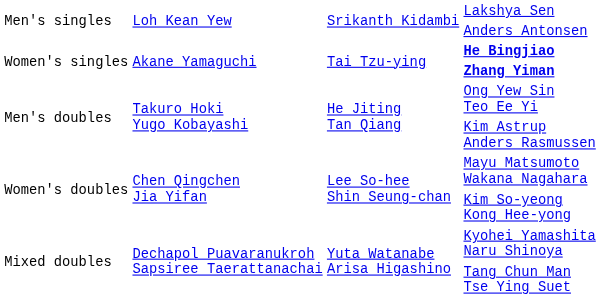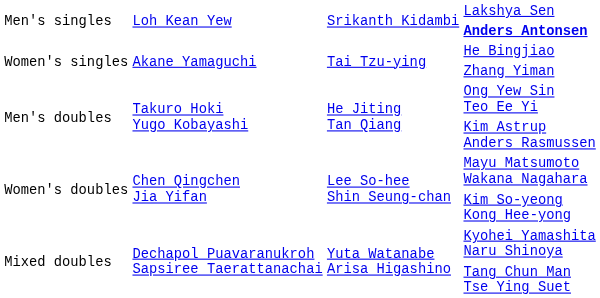 <table>
 <tr>
 <td rowspan="2">Men's singles<br></td>
 <td rowspan="2"> <a href='#'>Loh Kean Yew</a></td>
 <td rowspan="2"> <a href='#'>Srikanth Kidambi</a></td>
 <td> <a href='#'>Lakshya Sen</a></td>
 </tr>
 <tr>
-<td> <a href='#'>Anders Antonsen</a></td>
+<td><strong> <a href='#'>Anders Antonsen</a></strong></td>
 </tr>
 <tr>
 <td rowspan="2">Women's singles<br></td>
 <td rowspan="2"> <a href='#'>Akane Yamaguchi</a></td>
 <td rowspan="2"> <a href='#'>Tai Tzu-ying</a></td>
-<td><strong> <a href='#'>He Bingjiao</a></strong></td>
+<td> <a href='#'>He Bingjiao</a></td>
 </tr>
 <tr>
-<td><strong> <a href='#'>Zhang Yiman</a></strong></td>
+<td> <a href='#'>Zhang Yiman</a></td>
 </tr>
 <tr>
 <td rowspan="2">Men's doubles<br></td>
 <td rowspan="2"> <a href='#'>Takuro Hoki</a><br> <a href='#'>Yugo Kobayashi</a></td>
 <td rowspan="2"> <a href='#'>He Jiting</a><br> <a href='#'>Tan Qiang</a></td>
 <td> <a href='#'>Ong Yew Sin</a><br> <a href='#'>Teo Ee Yi</a></td>
 </tr>
 <tr>
 <td> <a href='#'>Kim Astrup</a><br> <a href='#'>Anders Rasmussen</a></td>
 </tr>
 <tr>
 <td rowspan="2">Women's doubles<br></td>
 <td rowspan="2"> <a href='#'>Chen Qingchen</a><br> <a href='#'>Jia Yifan</a></td>
 <td rowspan="2"> <a href='#'>Lee So-hee</a><br> <a href='#'>Shin Seung-chan</a></td>
 <td> <a href='#'>Mayu Matsumoto</a><br> <a href='#'>Wakana Nagahara</a></td>
 </tr>
 <tr>
 <td> <a href='#'>Kim So-yeong</a> <br> <a href='#'>Kong Hee-yong</a></td>
 </tr>
 <tr>
 <td rowspan="2">Mixed doubles<br></td>
 <td rowspan="2"> <a href='#'>Dechapol Puavaranukroh</a><br> <a href='#'>Sapsiree Taerattanachai</a></td>
 <td rowspan="2"> <a href='#'>Yuta Watanabe</a><br> <a href='#'>Arisa Higashino</a></td>
 <td> <a href='#'>Kyohei Yamashita</a><br> <a href='#'>Naru Shinoya</a></td>
 </tr>
 <tr>
 <td> <a href='#'>Tang Chun Man</a><br> <a href='#'>Tse Ying Suet</a></td>
 </tr>
 </table>
